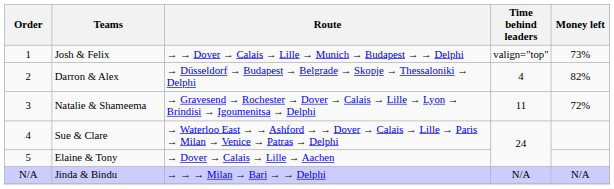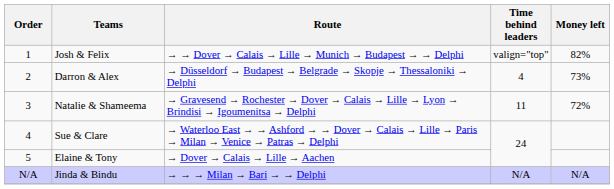 <table class="wikitable sortable" style="text-align:center">
 <tr>
 <th style="width:4em">Order</th>
 <th style="width:10em">Teams</th>
 <th style="width:30em">Route</th>
 <th style="width:5em">Time behind leaders</th>
 <th style="width:5em">Money left</th>
 </tr>
 <tr>
 <td>1</td>
 <td style="text-align:left">Josh & Felix</td>
 <td style="text-align:left"> →   → <a href='#'>Dover</a>  → <a href='#'>Calais</a>  → <a href='#'>Lille</a>  → <a href='#'>Munich</a>   → <a href='#'>Budapest</a>  →  → <a href='#'>Delphi</a></td>
 <td>valign="top" </td>
-<td>73%</td>
+<td>82%</td>
 </tr>
 <tr>
 <td>2</td>
 <td style="text-align:left">Darron & Alex</td>
 <td style="text-align:left"> → <a href='#'>Düsseldorf</a>  → <a href='#'>Budapest</a>  → <a href='#'>Belgrade</a>  → <a href='#'>Skopje</a>  → <a href='#'>Thessaloniki</a>  → <a href='#'>Delphi</a></td>
 <td>4</td>
-<td>82%</td>
+<td>73%</td>
 </tr>
 <tr>
 <td>3</td>
 <td style="text-align:left">Natalie & Shameema</td>
 <td style="text-align:left"> → <a href='#'>Gravesend</a>  → <a href='#'>Rochester</a>  → <a href='#'>Dover</a>  → <a href='#'>Calais</a>  → <a href='#'>Lille</a>  → <a href='#'>Lyon</a>  → <a href='#'>Brindisi</a>  → <a href='#'>Igoumenitsa</a>  → <a href='#'>Delphi</a></td>
 <td>11</td>
 <td>72%</td>
 </tr>
 <tr>
 <td>4</td>
 <td style="text-align:left">Sue & Clare</td>
 <td style="text-align:left"> → <a href='#'>Waterloo East</a> →  → <a href='#'>Ashford</a> →  → <a href='#'>Dover</a>  → <a href='#'>Calais</a>  → <a href='#'>Lille</a>  → <a href='#'>Paris</a>  → <a href='#'>Milan</a>  → <a href='#'>Venice</a>  → <a href='#'>Patras</a> → <a href='#'>Delphi</a></td>
 <td rowspan="2">24</td>
 <td></td>
 </tr>
 <tr>
 <td>5</td>
 <td style=text-align:left>Elaine & Tony</td>
 <td style="text-align:left"> → <a href='#'>Dover</a>  → <a href='#'>Calais</a>  → <a href='#'>Lille</a>  → <a href='#'>Aachen</a></td>
 <td></td>
 </tr>
 <tr style="background:#ccf">
 <td>N/A</td>
 <td style="text-align:left">Jinda & Bindu</td>
 <td style=text-align:left>→ →  → <a href='#'>Milan</a>  → <a href='#'>Bari</a>  → → <a href='#'>Delphi</a></td>
 <td>N/A</td>
 <td>N/A</td>
 </tr>
 <tr>
 </tr>
 </table>
